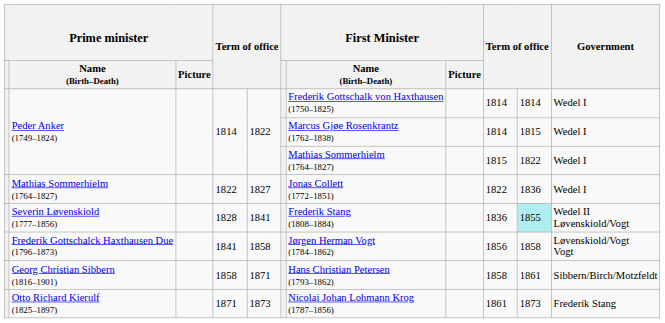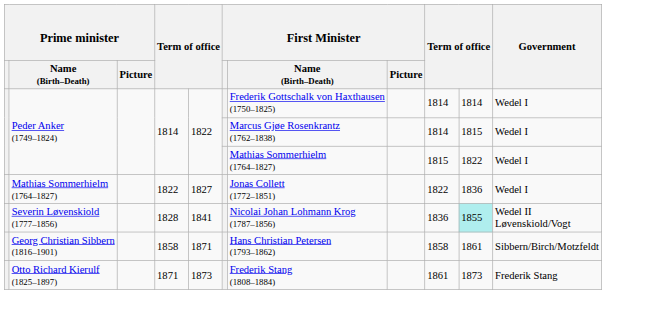 <table class="wikitable">
 <tr>
 <th colspan="3"><br><h3>Prime minister</h3></th>
 <th colspan="2" rowspan="2">Term of office</th>
 <th colspan="3"><br><h3>First Minister</h3></th>
 <th colspan="2" rowspan="2">Term of office</th>
 <th rowspan="2">Government</th>
 </tr>
 <tr>
 <th></th>
 <th>Name<br><small>(Birth–Death)</small></th>
 <th>Picture</th>
 <th></th>
 <th>Name<br><small>(Birth–Death)</small></th>
 <th>Picture</th>
 </tr>
 <tr>
 <th rowspan="3"></th>
 <td rowspan="3"><a href='#'>Peder Anker</a><br><small>(1749–1824)</small></td>
 <td rowspan="3"></td>
 <td rowspan="3">1814</td>
 <td rowspan="3">1822</td>
 <th></th>
 <td><a href='#'>Frederik Gottschalk von Haxthausen</a><br><small>(1750–1825)</small></td>
 <td></td>
 <td>1814</td>
 <td>1814</td>
 <td>Wedel I</td>
 </tr>
 <tr>
 <th></th>
 <td><a href='#'>Marcus Gjøe Rosenkrantz</a><br><small>(1762–1838)</small></td>
 <td></td>
 <td>1814</td>
 <td>1815</td>
 <td>Wedel I</td>
 </tr>
 <tr>
 <th></th>
 <td><a href='#'>Mathias Sommerhielm</a><br><small>(1764–1827)</small></td>
 <td></td>
 <td>1815</td>
 <td>1822</td>
 <td>Wedel I</td>
 </tr>
 <tr>
 <th></th>
 <td><a href='#'>Mathias Sommerhielm</a><br><small>(1764–1827)</small></td>
 <td></td>
 <td>1822</td>
 <td>1827</td>
 <th></th>
 <td><a href='#'>Jonas Collett</a><br><small>(1772–1851)</small></td>
 <td></td>
 <td>1822</td>
 <td>1836</td>
 <td>Wedel I</td>
 </tr>
 <tr>
 <th></th>
 <td><a href='#'>Severin Løvenskiold</a><br><small>(1777–1856)</small></td>
 <td></td>
 <td>1828</td>
 <td>1841</td>
 <th></th>
-<td><a href='#'>Frederik Stang</a><br><small>(1808–1884)</small></td>
+<td><a href='#'>Nicolai Johan Lohmann Krog</a><br><small>(1787–1856)</small></td>
 <td></td>
 <td>1836</td>
 <td style="background: paleturquoise;">1855</td>
 <td>Wedel II<br>Løvenskiold/Vogt</td>
-</tr>
-<tr>
-<th></th>
-<td><a href='#'>Frederik Gottschalck Haxthausen Due</a><br><small>(1796–1873)</small></td>
-<td></td>
-<td>1841</td>
-<td>1858</td>
-<th></th>
-<td><a href='#'>Jørgen Herman Vogt</a><br><small>(1784–1862)</small></td>
-<td></td>
-<td>1856</td>
-<td>1858</td>
-<td>Løvenskiold/Vogt<br>Vogt</td>
 </tr>
 <tr>
 <th></th>
 <td rowspan="1"><a href='#'>Georg Christian Sibbern</a><br><small>(1816–1901)</small></td>
 <td></td>
 <td>1858</td>
 <td>1871</td>
 <th></th>
 <td rowspan="1"><a href='#'>Hans Christian Petersen</a><br><small>(1793–1862)</small></td>
 <td></td>
 <td>1858</td>
 <td>1861</td>
 <td>Sibbern/Birch/Motzfeldt</td>
 </tr>
 <tr>
 <th></th>
 <td><a href='#'>Otto Richard Kierulf</a><br><small>(1825–1897)</small></td>
 <td></td>
 <td>1871</td>
 <td>1873</td>
 <th></th>
-<td><a href='#'>Nicolai Johan Lohmann Krog</a><br><small>(1787–1856)</small></td>
+<td><a href='#'>Frederik Stang</a><br><small>(1808–1884)</small></td>
 <td rowspan="1"></td>
 <td>1861</td>
 <td>1873</td>
 <td>Frederik Stang</td>
 </tr>
 </table>
